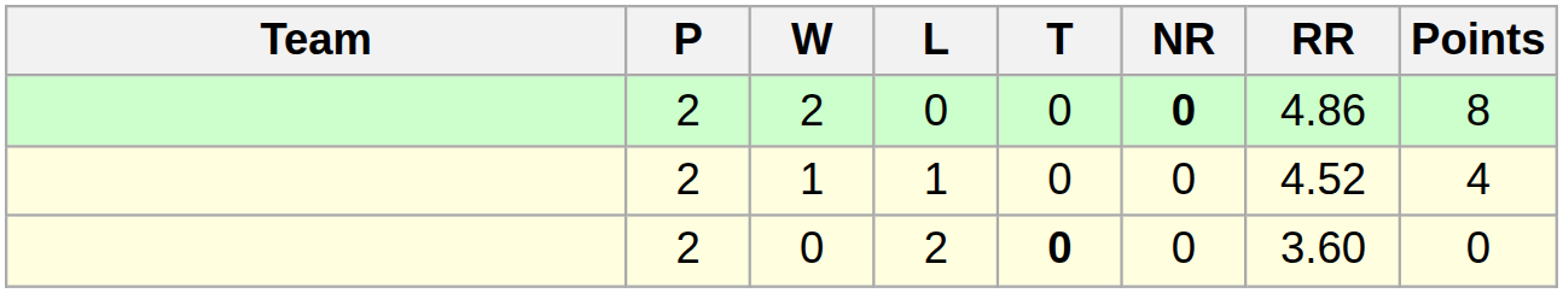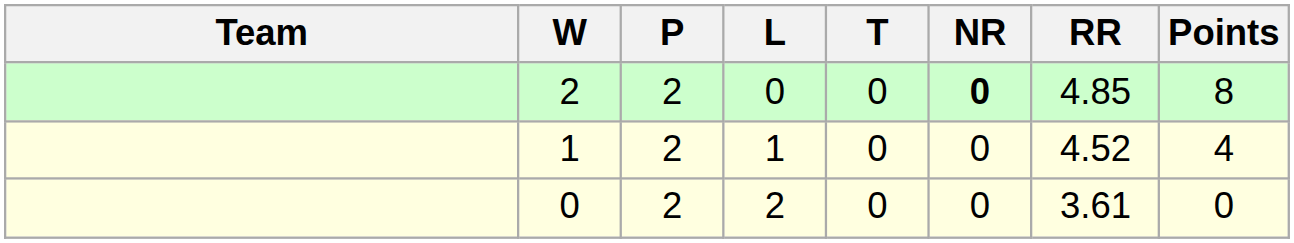 <table class="wikitable" style="text-align: center;">
 <tr>
 <th style="width:40%;">Team</th>
+<th style="width:8%;">W</th>
 <th style="width:8%;">P</th>
-<th style="width:8%;">W</th>
 <th style="width:8%;">L</th>
 <th style="width:8%;">T</th>
 <th style="width:8%;">NR</th>
 <th style="width:10%;">RR</th>
 <th style="width:10%;">Points</th>
 </tr>
 <tr style="background:#cfc;">
 <td align=left></td>
 <td>2</td>
 <td>2</td>
 <td>0</td>
 <td>0</td>
 <td><strong>0</strong></td>
-<td>4.86</td>
+<td>4.85</td>
 <td>8</td>
 </tr>
 <tr style="background:#ffffe0;">
 <td align=left></td>
+<td>1</td>
 <td>2</td>
-<td>1</td>
 <td>1</td>
 <td>0</td>
 <td>0</td>
 <td>4.52</td>
 <td>4</td>
 </tr>
 <tr style="background:#ffffe0;">
 <td align=left></td>
+<td>0</td>
+<td>2</td>
 <td>2</td>
 <td>0</td>
-<td>2</td>
-<td><strong>0</strong></td>
 <td>0</td>
-<td>3.60</td>
+<td>3.61</td>
 <td>0</td>
 </tr>
 </table>
